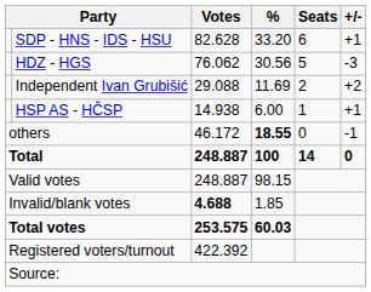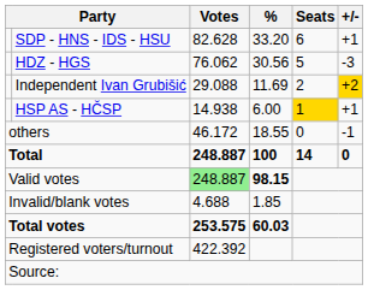 <table class="wikitable" style="text-align: left;">
 <tr>
 <th colspan="2">Party</th>
 <th>Votes</th>
 <th>%</th>
 <th>Seats</th>
 <th>+/-</th>
 </tr>
 <tr>
 <td style="background-color: "></td>
 <td><a href='#'>SDP</a> - <a href='#'>HNS</a> - <a href='#'>IDS</a> - <a href='#'>HSU</a></td>
 <td>82.628</td>
 <td>33.20</td>
 <td>6</td>
 <td>+1</td>
 </tr>
 <tr>
 <td style="background-color: "></td>
 <td><a href='#'>HDZ</a> - <a href='#'>HGS</a></td>
 <td>76.062</td>
 <td>30.56</td>
 <td>5</td>
 <td>-3</td>
 </tr>
 <tr>
 <td style="background-color: "></td>
 <td>Independent <a href='#'>Ivan Grubišić</a></td>
 <td>29.088</td>
 <td>11.69</td>
 <td>2</td>
-<td>+2</td>
+<td style="background: gold;">+2</td>
 </tr>
 <tr>
 <td style="background-color: "></td>
 <td><a href='#'>HSP AS</a> - <a href='#'>HČSP</a></td>
 <td>14.938</td>
 <td>6.00</td>
-<td>1</td>
+<td style="background: gold;">1</td>
 <td>+1</td>
 </tr>
 <tr>
 <td colspan="2">others</td>
 <td>46.172</td>
-<td><strong>18.55</strong></td>
+<td>18.55</td>
 <td>0</td>
 <td>-1</td>
 </tr>
 <tr>
 <td colspan="2"><strong>Total</strong></td>
 <td><strong>248.887</strong></td>
 <td><strong>100</strong></td>
 <td><strong>14</strong></td>
 <td><strong>0</strong></td>
 </tr>
 <tr>
 <td colspan="2">Valid votes</td>
-<td>248.887</td>
-<td>98.15</td>
+<td style="background: lightgreen;">248.887</td>
+<td><strong>98.15</strong></td>
 <td colspan="2"></td>
 </tr>
 <tr>
 <td colspan="2">Invalid/blank votes</td>
-<td><strong>4.688</strong></td>
+<td>4.688</td>
 <td>1.85</td>
 <td colspan="2"></td>
 </tr>
 <tr>
 <td colspan="2"><strong>Total votes</strong></td>
 <td><strong>253.575</strong></td>
 <td><strong>60.03</strong></td>
 <td colspan="2"></td>
 </tr>
 <tr>
 <td colspan="2">Registered voters/turnout</td>
 <td votes14="5343">422.392</td>
 <td></td>
 <td colspan="2"></td>
 </tr>
 <tr>
 <td colspan="6">Source: </td>
 </tr>
 </table>
